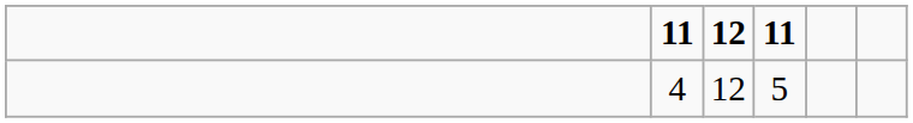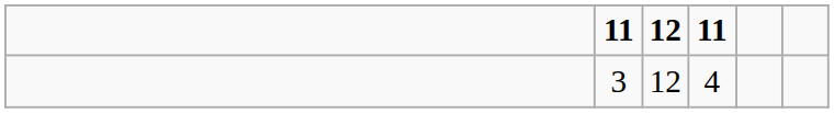 <table class="wikitable">
 <tr>
 <td style="width:18em"></td>
 <td align=center style="width:1em"><strong>11</strong></td>
 <td align=center style="width:1em"><strong>12</strong></td>
 <td align=center style="width:1em"><strong>11</strong></td>
 <td align=center style="width:1em"></td>
 <td align=center style="width:1em"></td>
 </tr>
 <tr>
 <td style="width:18em"></td>
+<td align=center style="width:1em">3</td>
+<td align=center style="width:1em">12</td>
 <td align=center style="width:1em">4</td>
-<td align=center style="width:1em">12</td>
-<td align=center style="width:1em">5</td>
 <td align=center style="width:1em"></td>
 <td align=center style="width:1em"></td>
 </tr>
 </table>
